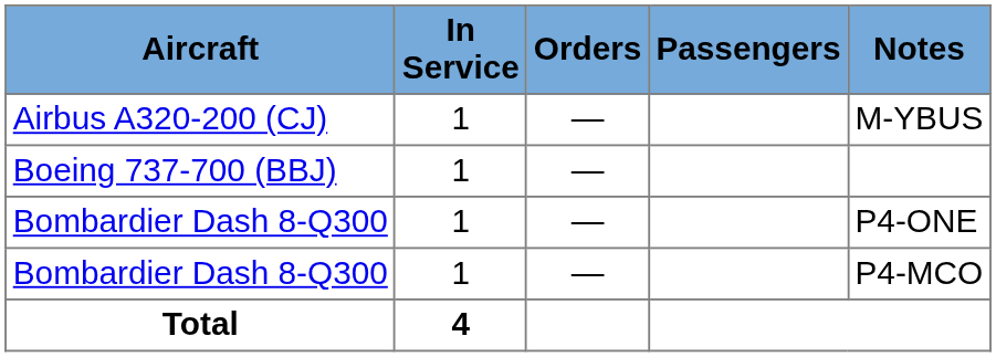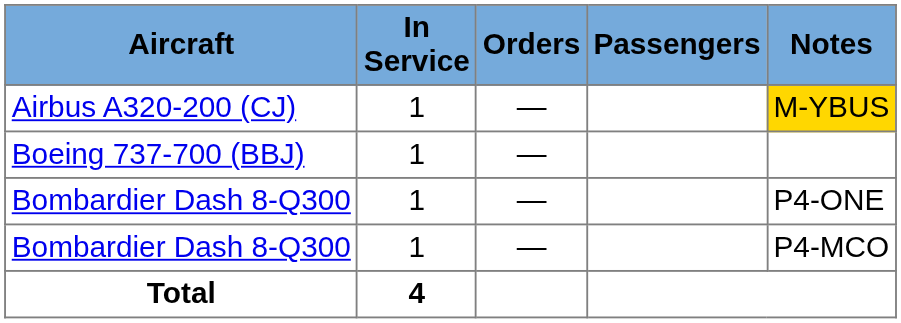 <table class="toccolours" border="1" cellpadding="3" style="border-collapse:collapse;margin: 1em auto;">
 <tr bgcolor=#75aadb>
 <th>Aircraft</th>
 <th>In<br>Service</th>
 <th>Orders</th>
 <th>Passengers</th>
 <th>Notes</th>
 </tr>
 <tr>
 <td><a href='#'>Airbus A320-200 (CJ)</a></td>
 <td align="center">1</td>
 <td align="center">—</td>
 <td align="center"></td>
-<td>M-YBUS</td>
+<td style="background: gold;">M-YBUS</td>
 </tr>
 <tr>
 <td><a href='#'>Boeing 737-700 (BBJ)</a></td>
 <td align="center">1</td>
 <td align="center">—</td>
 <td align="center"></td>
 <td></td>
 </tr>
 <tr>
 <td><a href='#'>Bombardier Dash 8-Q300</a></td>
 <td align="center">1</td>
 <td align="center">—</td>
 <td align="center"></td>
 <td>P4-ONE</td>
 </tr>
 <tr>
 <td><a href='#'>Bombardier Dash 8-Q300</a></td>
 <td align="center">1</td>
 <td align="center">—</td>
 <td align="center"></td>
 <td>P4-MCO</td>
 </tr>
 <tr>
 <th>Total</th>
 <th>4</th>
 <th></th>
 <th colspan="2"></th>
 </tr>
 </table>
